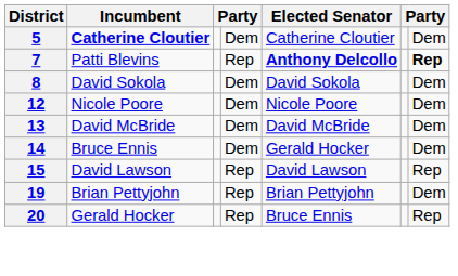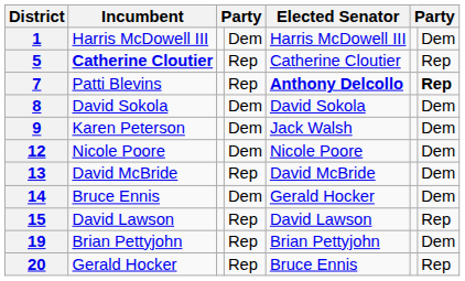 <table class="sortable wikitable" style="font-size:95%;line-height:14px;">
 <tr>
 <th colspan="1">District</th>
 <th class="unsortable">Incumbent</th>
 <th colspan="2">Party</th>
 <th class="unsortable">Elected Senator</th>
 <th colspan="2">Party</th>
 </tr>
 <tr>
+<th><a href='#'>1</a></th>
+<td><a href='#'>Harris McDowell III</a></td>
+<td style="background:"></td>
+<td>Dem</td>
+<td><a href='#'>Harris McDowell III</a></td>
+<td style="background:"></td>
+<td>Dem</td>
+</tr>
+<tr>
 <th><a href='#'>5</a></th>
 <td><strong><a href='#'>Catherine Cloutier</a></strong></td>
 <td style="background:"></td>
-<td>Dem</td>
+<td>Rep</td>
 <td><a href='#'>Catherine Cloutier</a></td>
 <td style="background:"></td>
-<td>Dem</td>
+<td>Rep</td>
 </tr>
 <tr>
 <th><a href='#'>7</a></th>
 <td><a href='#'>Patti Blevins</a></td>
 <td style="background:"></td>
 <td>Rep</td>
 <td><strong><a href='#'>Anthony Delcollo</a></strong></td>
 <td style="background:"></td>
 <td><strong>Rep</strong></td>
 </tr>
 <tr>
 <th><a href='#'>8</a></th>
 <td><a href='#'>David Sokola</a></td>
 <td style="background:"></td>
 <td>Dem</td>
 <td><a href='#'>David Sokola</a></td>
 <td style="background:"></td>
 <td>Dem</td>
 </tr>
 <tr>
+<th><a href='#'>9</a></th>
+<td><a href='#'>Karen Peterson</a></td>
+<td style="background:"></td>
+<td>Dem</td>
+<td><a href='#'>Jack Walsh</a></td>
+<td style="background:"></td>
+<td>Dem</td>
+</tr>
+<tr>
 <th><a href='#'>12</a></th>
 <td><a href='#'>Nicole Poore</a></td>
 <td style="background:"></td>
 <td>Dem</td>
 <td><a href='#'>Nicole Poore</a></td>
 <td style="background:"></td>
 <td>Dem</td>
 </tr>
 <tr>
 <th><a href='#'>13</a></th>
 <td><a href='#'>David McBride</a></td>
 <td style="background:"></td>
-<td>Dem</td>
+<td>Rep</td>
 <td><a href='#'>David McBride</a></td>
 <td style="background:"></td>
 <td>Dem</td>
 </tr>
 <tr>
 <th><a href='#'>14</a></th>
 <td><a href='#'>Bruce Ennis</a></td>
 <td style="background:"></td>
 <td>Dem</td>
 <td><a href='#'>Gerald Hocker</a></td>
 <td style="background:"></td>
 <td>Dem</td>
 </tr>
 <tr>
 <th><a href='#'>15</a></th>
 <td><a href='#'>David Lawson</a></td>
 <td style="background:"></td>
 <td>Rep</td>
 <td><a href='#'>David Lawson</a></td>
 <td style="background:"></td>
 <td>Rep</td>
 </tr>
 <tr>
 <th><a href='#'>19</a></th>
 <td><a href='#'>Brian Pettyjohn</a></td>
 <td style="background:"></td>
 <td>Rep</td>
 <td><a href='#'>Brian Pettyjohn</a></td>
 <td style="background:"></td>
 <td>Dem</td>
 </tr>
 <tr>
 <th><a href='#'>20</a></th>
 <td><a href='#'>Gerald Hocker</a></td>
 <td style="background:"></td>
 <td>Rep</td>
 <td><a href='#'>Bruce Ennis</a></td>
 <td style="background:"></td>
 <td>Rep</td>
 </tr>
 </table>
